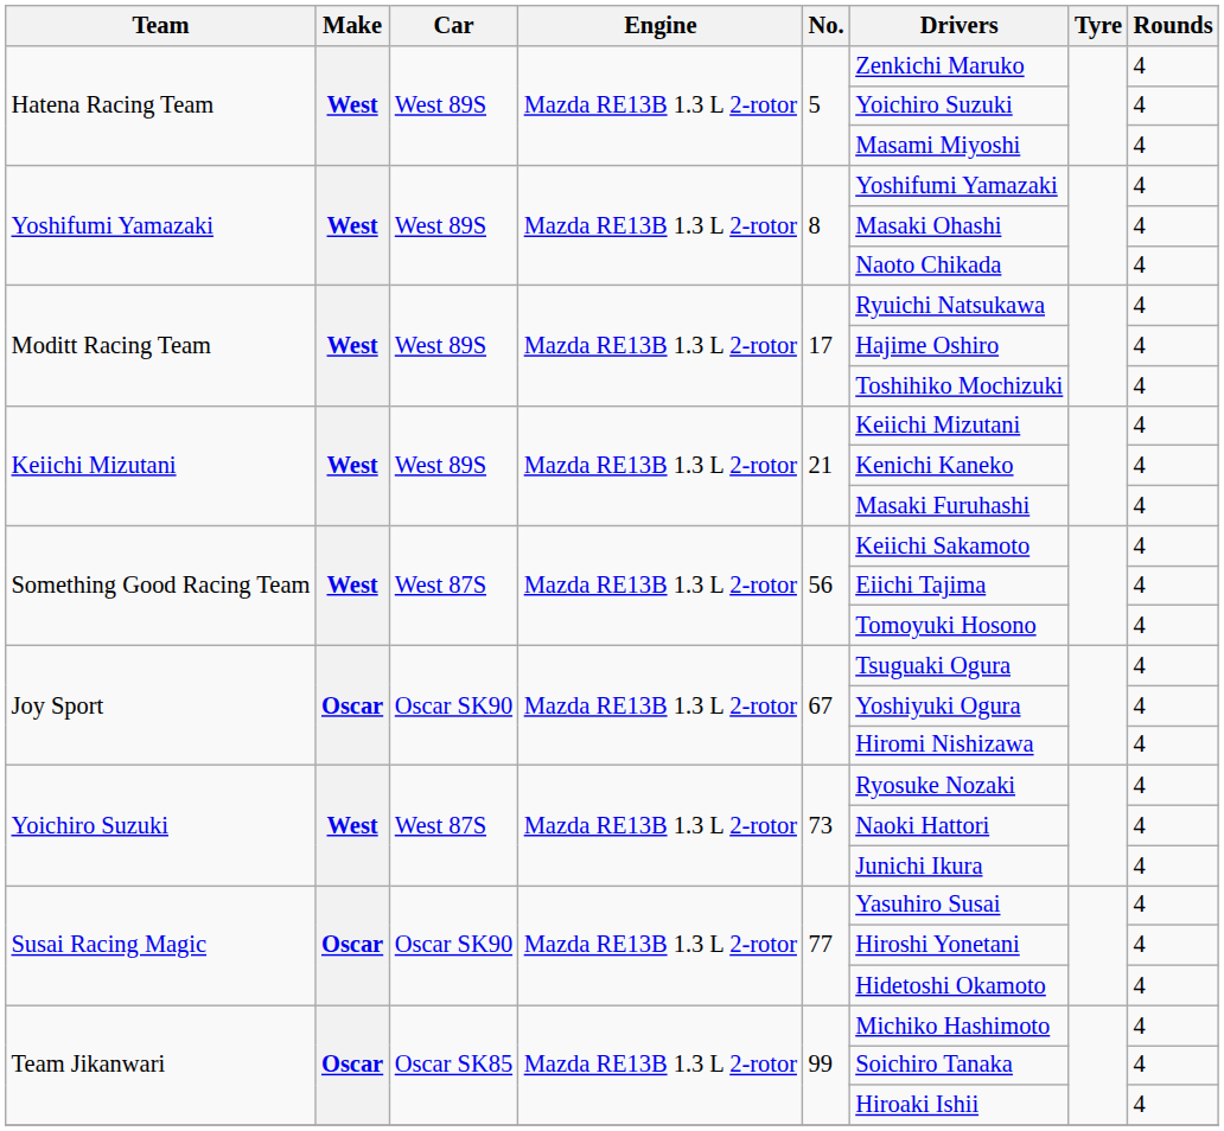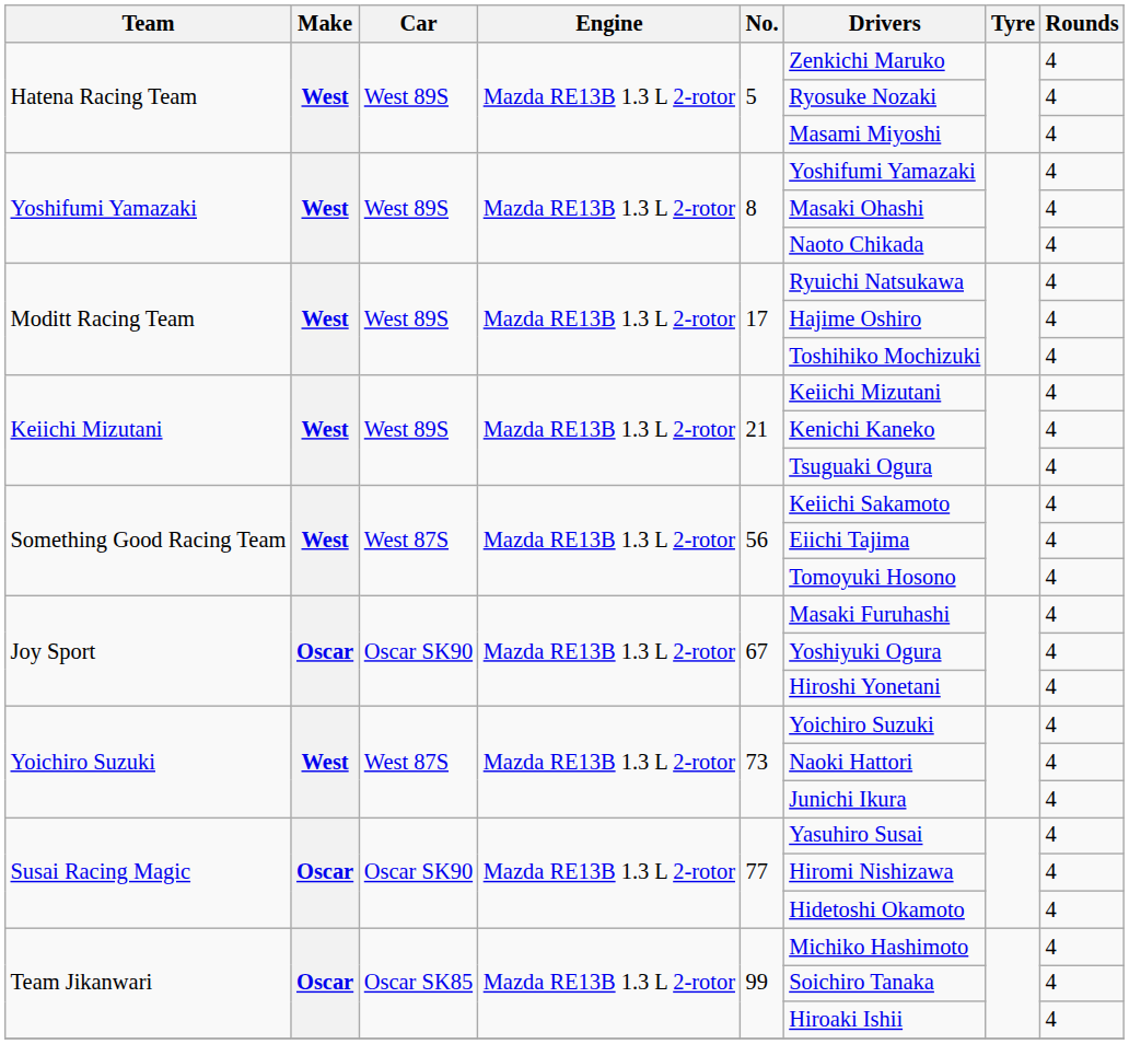 <table class="wikitable" style="font-size: 90%;">
 <tr>
 <th>Team</th>
 <th>Make</th>
 <th>Car</th>
 <th>Engine</th>
 <th>No.</th>
 <th>Drivers</th>
 <th>Tyre</th>
 <th>Rounds</th>
 </tr>
 <tr>
 <td rowspan=3>Hatena Racing Team</td>
 <th rowspan=3><a href='#'>West</a></th>
 <td rowspan=3><a href='#'>West 89S</a></td>
 <td rowspan=3><a href='#'>Mazda RE13B</a> 1.3 L <a href='#'>2-rotor</a></td>
 <td rowspan=3>5</td>
 <td> <a href='#'>Zenkichi Maruko</a></td>
 <td align=center rowspan=3></td>
 <td>4</td>
 </tr>
 <tr>
-<td> <a href='#'>Yoichiro Suzuki</a></td>
+<td> <a href='#'>Ryosuke Nozaki</a></td>
 <td>4</td>
 </tr>
 <tr>
 <td> <a href='#'>Masami Miyoshi</a></td>
 <td>4</td>
 </tr>
 <tr>
 <td rowspan=3><a href='#'>Yoshifumi Yamazaki</a></td>
 <th rowspan=3><a href='#'>West</a></th>
 <td rowspan=3><a href='#'>West 89S</a></td>
 <td rowspan=3><a href='#'>Mazda RE13B</a> 1.3 L <a href='#'>2-rotor</a></td>
 <td rowspan=3>8</td>
 <td> <a href='#'>Yoshifumi Yamazaki</a></td>
 <td align=center rowspan=3></td>
 <td>4</td>
 </tr>
 <tr>
 <td> <a href='#'>Masaki Ohashi</a></td>
 <td>4</td>
 </tr>
 <tr>
 <td> <a href='#'>Naoto Chikada</a></td>
 <td>4</td>
 </tr>
 <tr>
 <td rowspan=3>Moditt Racing Team</td>
 <th rowspan=3><a href='#'>West</a></th>
 <td rowspan=3><a href='#'>West 89S</a></td>
 <td rowspan=3><a href='#'>Mazda RE13B</a> 1.3 L <a href='#'>2-rotor</a></td>
 <td rowspan=3>17</td>
 <td> <a href='#'>Ryuichi Natsukawa</a></td>
 <td align=center rowspan=3></td>
 <td>4</td>
 </tr>
 <tr>
 <td> <a href='#'>Hajime Oshiro</a></td>
 <td>4</td>
 </tr>
 <tr>
 <td> <a href='#'>Toshihiko Mochizuki</a></td>
 <td>4</td>
 </tr>
 <tr>
 <td rowspan=3><a href='#'>Keiichi Mizutani</a></td>
 <th rowspan=3><a href='#'>West</a></th>
 <td rowspan=3><a href='#'>West 89S</a></td>
 <td rowspan=3><a href='#'>Mazda RE13B</a> 1.3 L <a href='#'>2-rotor</a></td>
 <td rowspan=3>21</td>
 <td> <a href='#'>Keiichi Mizutani</a></td>
 <td align=center rowspan=3></td>
 <td>4</td>
 </tr>
 <tr>
 <td> <a href='#'>Kenichi Kaneko</a></td>
 <td>4</td>
 </tr>
 <tr>
-<td> <a href='#'>Masaki Furuhashi</a></td>
+<td> <a href='#'>Tsuguaki Ogura</a></td>
 <td>4</td>
 </tr>
 <tr>
 <td rowspan=3>Something Good Racing Team</td>
 <th rowspan=3><a href='#'>West</a></th>
 <td rowspan=3><a href='#'>West 87S</a></td>
 <td rowspan=3><a href='#'>Mazda RE13B</a> 1.3 L <a href='#'>2-rotor</a></td>
 <td rowspan=3>56</td>
 <td> <a href='#'>Keiichi Sakamoto</a></td>
 <td align=center rowspan=3></td>
 <td>4</td>
 </tr>
 <tr>
 <td> <a href='#'>Eiichi Tajima</a></td>
 <td>4</td>
 </tr>
 <tr>
 <td> <a href='#'>Tomoyuki Hosono</a></td>
 <td>4</td>
 </tr>
 <tr>
 <td rowspan=3>Joy Sport</td>
 <th rowspan=3><a href='#'>Oscar</a></th>
 <td rowspan=3><a href='#'>Oscar SK90</a></td>
 <td rowspan=3><a href='#'>Mazda RE13B</a> 1.3 L <a href='#'>2-rotor</a></td>
 <td rowspan=3>67</td>
-<td> <a href='#'>Tsuguaki Ogura</a></td>
+<td> <a href='#'>Masaki Furuhashi</a></td>
 <td align=center rowspan=3></td>
 <td>4</td>
 </tr>
 <tr>
 <td> <a href='#'>Yoshiyuki Ogura</a></td>
 <td>4</td>
 </tr>
 <tr>
-<td> <a href='#'>Hiromi Nishizawa</a></td>
+<td> <a href='#'>Hiroshi Yonetani</a></td>
 <td>4</td>
 </tr>
 <tr>
 <td rowspan=3><a href='#'>Yoichiro Suzuki</a></td>
 <th rowspan=3><a href='#'>West</a></th>
 <td rowspan=3><a href='#'>West 87S</a></td>
 <td rowspan=3><a href='#'>Mazda RE13B</a> 1.3 L <a href='#'>2-rotor</a></td>
 <td rowspan=3>73</td>
-<td> <a href='#'>Ryosuke Nozaki</a></td>
+<td> <a href='#'>Yoichiro Suzuki</a></td>
 <td align=center rowspan=3></td>
 <td>4</td>
 </tr>
 <tr>
 <td> <a href='#'>Naoki Hattori</a></td>
 <td>4</td>
 </tr>
 <tr>
 <td> <a href='#'>Junichi Ikura</a></td>
 <td>4</td>
 </tr>
 <tr>
 <td rowspan=3><a href='#'>Susai Racing Magic</a></td>
 <th rowspan=3><a href='#'>Oscar</a></th>
 <td rowspan=3><a href='#'>Oscar SK90</a></td>
 <td rowspan=3><a href='#'>Mazda RE13B</a> 1.3 L <a href='#'>2-rotor</a></td>
 <td rowspan=3>77</td>
 <td> <a href='#'>Yasuhiro Susai</a></td>
 <td align=center rowspan=3></td>
 <td>4</td>
 </tr>
 <tr>
-<td> <a href='#'>Hiroshi Yonetani</a></td>
+<td> <a href='#'>Hiromi Nishizawa</a></td>
 <td>4</td>
 </tr>
 <tr>
 <td> <a href='#'>Hidetoshi Okamoto</a></td>
 <td>4</td>
 </tr>
 <tr>
 <td rowspan=3>Team Jikanwari</td>
 <th rowspan=3><a href='#'>Oscar</a></th>
 <td rowspan=3><a href='#'>Oscar SK85</a></td>
 <td rowspan=3><a href='#'>Mazda RE13B</a> 1.3 L <a href='#'>2-rotor</a></td>
 <td rowspan=3>99</td>
 <td> <a href='#'>Michiko Hashimoto</a></td>
 <td align=center rowspan=3></td>
 <td>4</td>
 </tr>
 <tr>
 <td> <a href='#'>Soichiro Tanaka</a></td>
 <td>4</td>
 </tr>
 <tr>
 <td> <a href='#'>Hiroaki Ishii</a></td>
 <td>4</td>
 </tr>
 <tr>
 </tr>
 </table>
